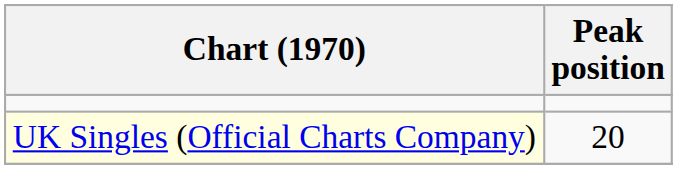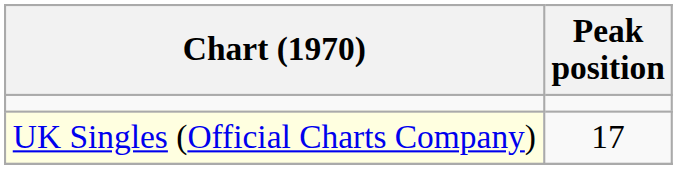 <table class="wikitable">
 <tr>
 <th align="left">Chart (1970)</th>
 <th align="left">Peak<br>position</th>
 </tr>
 <tr>
 <td></td>
 </tr>
 <tr>
 <td style="background: lightyellow;"><a href='#'>UK Singles</a> (<a href='#'>Official Charts Company</a>)</td>
-<td style="text-align:center;">20</td>
+<td style="text-align:center;">17</td>
 </tr>
 <tr>
 </tr>
 </table>
